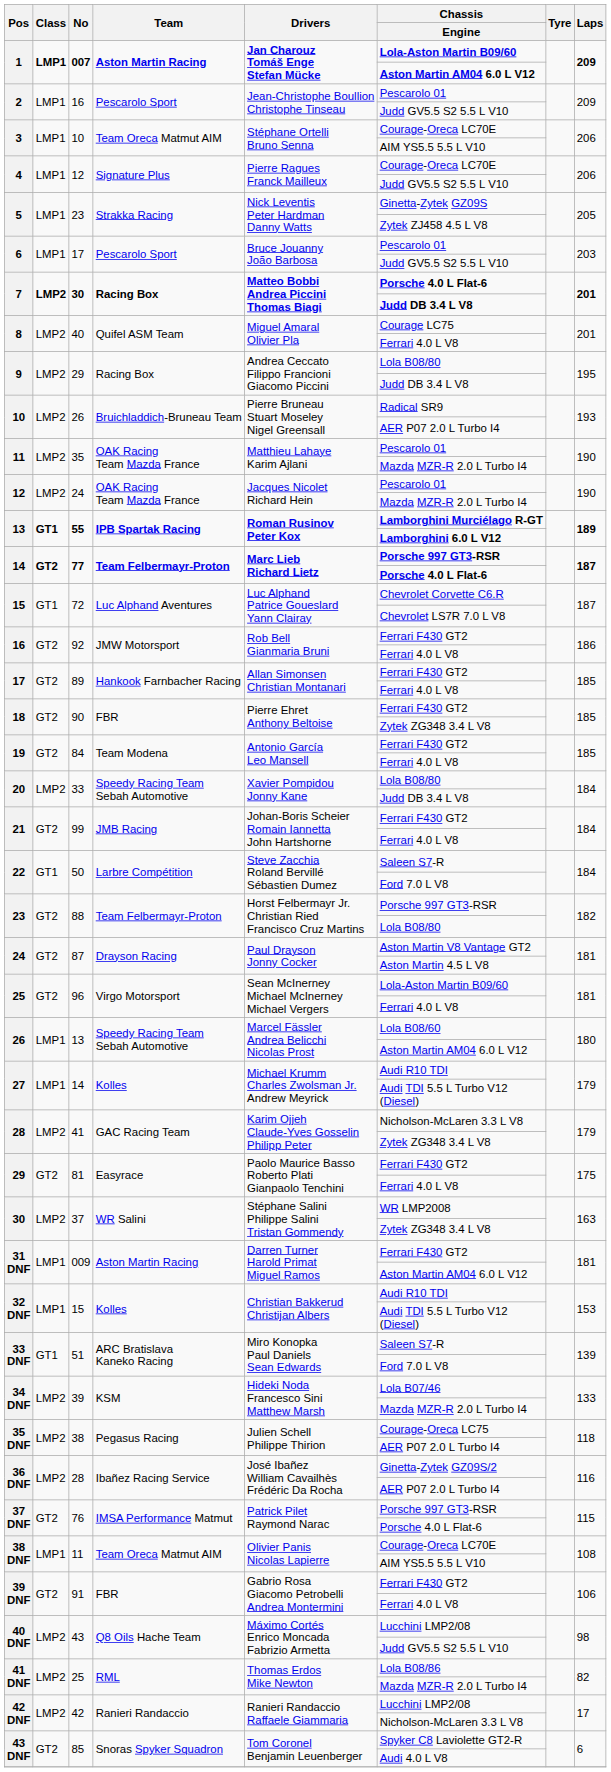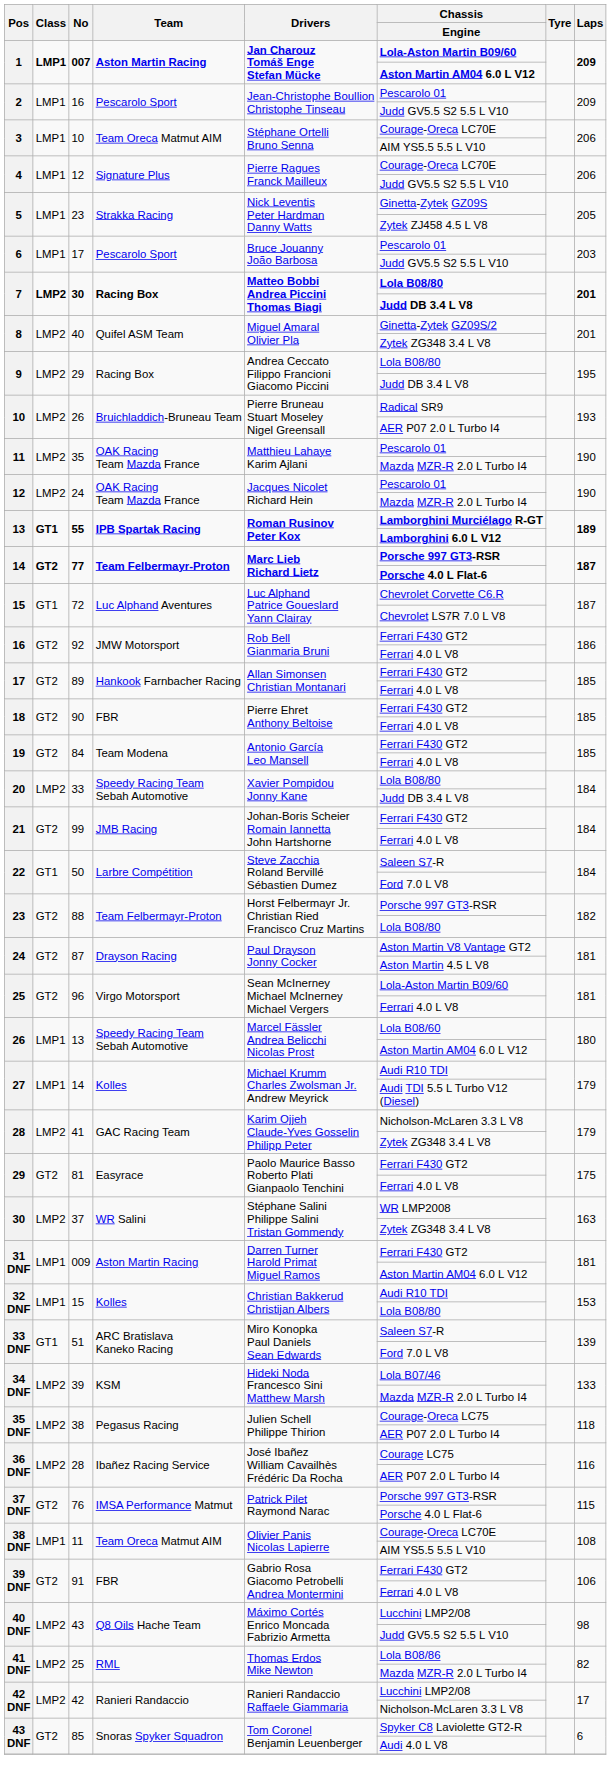 <table class="wikitable" style="font-size: 95%;">
 <tr>
 <th rowspan=2>Pos</th>
 <th rowspan=2>Class</th>
 <th rowspan=2>No</th>
 <th rowspan=2>Team</th>
 <th rowspan=2>Drivers</th>
 <th>Chassis</th>
 <th rowspan=2>Tyre</th>
 <th rowspan=2>Laps</th>
 </tr>
 <tr>
 <th>Engine</th>
 </tr>
 <tr style="font-weight:bold">
 <th rowspan=2>1</th>
 <td rowspan=2>LMP1</td>
 <td rowspan=2>007</td>
 <td rowspan=2> <a href='#'>Aston Martin Racing</a></td>
 <td rowspan=2> <a href='#'>Jan Charouz</a><br> <a href='#'>Tomáš Enge</a><br> <a href='#'>Stefan Mücke</a></td>
 <td><a href='#'>Lola-Aston Martin B09/60</a></td>
 <td rowspan=2></td>
 <td rowspan=2>209</td>
 </tr>
 <tr style="font-weight:bold">
 <td><a href='#'>Aston Martin AM04</a> 6.0 L V12</td>
 </tr>
 <tr>
 <th rowspan=2>2</th>
 <td rowspan=2>LMP1</td>
 <td rowspan=2>16</td>
 <td rowspan=2> <a href='#'>Pescarolo Sport</a></td>
 <td rowspan=2> <a href='#'>Jean-Christophe Boullion</a><br> <a href='#'>Christophe Tinseau</a></td>
 <td><a href='#'>Pescarolo 01</a></td>
 <td rowspan=2></td>
 <td rowspan=2>209</td>
 </tr>
 <tr>
 <td><a href='#'>Judd</a> GV5.5 S2 5.5 L V10</td>
 </tr>
 <tr>
 <th rowspan=2>3</th>
 <td rowspan=2>LMP1</td>
 <td rowspan=2>10</td>
 <td rowspan=2> <a href='#'>Team Oreca</a> Matmut AIM</td>
 <td rowspan=2> <a href='#'>Stéphane Ortelli</a><br> <a href='#'>Bruno Senna</a></td>
 <td><a href='#'>Courage</a>-<a href='#'>Oreca</a> LC70E</td>
 <td rowspan=2></td>
 <td rowspan=2>206</td>
 </tr>
 <tr>
 <td>AIM YS5.5 5.5 L V10</td>
 </tr>
 <tr>
 <th rowspan=2>4</th>
 <td rowspan=2>LMP1</td>
 <td rowspan=2>12</td>
 <td rowspan=2> <a href='#'>Signature Plus</a></td>
 <td rowspan=2> <a href='#'>Pierre Ragues</a><br> <a href='#'>Franck Mailleux</a></td>
 <td><a href='#'>Courage</a>-<a href='#'>Oreca</a> LC70E</td>
 <td rowspan=2></td>
 <td rowspan=2>206</td>
 </tr>
 <tr>
 <td><a href='#'>Judd</a> GV5.5 S2 5.5 L V10</td>
 </tr>
 <tr>
 <th rowspan=2>5</th>
 <td rowspan=2>LMP1</td>
 <td rowspan=2>23</td>
 <td rowspan=2> <a href='#'>Strakka Racing</a></td>
 <td rowspan=2> <a href='#'>Nick Leventis</a><br> <a href='#'>Peter Hardman</a><br> <a href='#'>Danny Watts</a></td>
 <td><a href='#'>Ginetta</a>-<a href='#'>Zytek</a> <a href='#'>GZ09S</a></td>
 <td rowspan=2></td>
 <td rowspan=2>205</td>
 </tr>
 <tr>
 <td><a href='#'>Zytek</a> ZJ458 4.5 L V8</td>
 </tr>
 <tr>
 <th rowspan=2>6</th>
 <td rowspan=2>LMP1</td>
 <td rowspan=2>17</td>
 <td rowspan=2> <a href='#'>Pescarolo Sport</a></td>
 <td rowspan=2> <a href='#'>Bruce Jouanny</a><br> <a href='#'>João Barbosa</a></td>
 <td><a href='#'>Pescarolo 01</a></td>
 <td rowspan=2></td>
 <td rowspan=2>203</td>
 </tr>
 <tr>
 <td><a href='#'>Judd</a> GV5.5 S2 5.5 L V10</td>
 </tr>
 <tr style="font-weight:bold">
 <th rowspan=2>7</th>
 <td rowspan=2>LMP2</td>
 <td rowspan=2>30</td>
 <td rowspan=2> Racing Box</td>
 <td rowspan=2> <a href='#'>Matteo Bobbi</a><br> <a href='#'>Andrea Piccini</a><br> <a href='#'>Thomas Biagi</a></td>
-<td><a href='#'>Porsche</a> 4.0 L Flat-6</td>
+<td><a href='#'>Lola B08/80</a></td>
 <td rowspan=2></td>
 <td rowspan=2>201</td>
 </tr>
 <tr style="font-weight:bold">
 <td><a href='#'>Judd</a> DB 3.4 L V8</td>
 </tr>
 <tr>
 <th rowspan=2>8</th>
 <td rowspan=2>LMP2</td>
 <td rowspan=2>40</td>
 <td rowspan=2> Quifel ASM Team</td>
 <td rowspan=2> <a href='#'>Miguel Amaral</a><br> <a href='#'>Olivier Pla</a></td>
-<td><a href='#'>Courage</a> LC75</td>
+<td><a href='#'>Ginetta</a>-<a href='#'>Zytek</a> <a href='#'>GZ09S/2</a></td>
 <td rowspan=2></td>
 <td rowspan=2>201</td>
 </tr>
 <tr>
-<td><a href='#'>Ferrari</a> 4.0 L V8</td>
+<td><a href='#'>Zytek</a> ZG348 3.4 L V8</td>
 </tr>
 <tr>
 <th rowspan=2>9</th>
 <td rowspan=2>LMP2</td>
 <td rowspan=2>29</td>
 <td rowspan=2> Racing Box</td>
 <td rowspan=2> Andrea Ceccato<br> Filippo Francioni<br> Giacomo Piccini</td>
 <td><a href='#'>Lola B08/80</a></td>
 <td rowspan=2></td>
 <td rowspan=2>195</td>
 </tr>
 <tr>
 <td><a href='#'>Judd</a> DB 3.4 L V8</td>
 </tr>
 <tr>
 <th rowspan=2>10</th>
 <td rowspan=2>LMP2</td>
 <td rowspan=2>26</td>
 <td rowspan=2> <a href='#'>Bruichladdich</a>-Bruneau Team</td>
 <td rowspan=2> Pierre Bruneau<br> Stuart Moseley<br> Nigel Greensall</td>
 <td><a href='#'>Radical</a> SR9</td>
 <td rowspan=2></td>
 <td rowspan=2>193</td>
 </tr>
 <tr>
 <td><a href='#'>AER</a> P07 2.0 L Turbo I4</td>
 </tr>
 <tr>
 <th rowspan=2>11</th>
 <td rowspan=2>LMP2</td>
 <td rowspan=2>35</td>
 <td rowspan=2> <a href='#'>OAK Racing</a><br> Team <a href='#'>Mazda</a> France</td>
 <td rowspan=2> <a href='#'>Matthieu Lahaye</a><br> Karim Ajlani</td>
 <td><a href='#'>Pescarolo 01</a></td>
 <td rowspan=2></td>
 <td rowspan=2>190</td>
 </tr>
 <tr>
 <td><a href='#'>Mazda</a> <a href='#'>MZR-R</a> 2.0 L Turbo I4</td>
 </tr>
 <tr>
 <th rowspan=2>12</th>
 <td rowspan=2>LMP2</td>
 <td rowspan=2>24</td>
 <td rowspan=2> <a href='#'>OAK Racing</a><br> Team <a href='#'>Mazda</a> France</td>
 <td rowspan=2> <a href='#'>Jacques Nicolet</a><br> Richard Hein</td>
 <td><a href='#'>Pescarolo 01</a></td>
 <td rowspan=2></td>
 <td rowspan=2>190</td>
 </tr>
 <tr>
 <td><a href='#'>Mazda</a> <a href='#'>MZR-R</a> 2.0 L Turbo I4</td>
 </tr>
 <tr style="font-weight:bold">
 <th rowspan=2>13</th>
 <td rowspan=2>GT1</td>
 <td rowspan=2>55</td>
 <td rowspan=2> <a href='#'>IPB Spartak Racing</a></td>
 <td rowspan=2> <a href='#'>Roman Rusinov</a><br> <a href='#'>Peter Kox</a></td>
 <td><a href='#'>Lamborghini Murciélago</a> R-GT</td>
 <td rowspan=2></td>
 <td rowspan=2>189</td>
 </tr>
 <tr style="font-weight:bold">
 <td><a href='#'>Lamborghini</a> 6.0 L V12</td>
 </tr>
 <tr style="font-weight:bold">
 <th rowspan=2>14</th>
 <td rowspan=2>GT2</td>
 <td rowspan=2>77</td>
 <td rowspan=2> <a href='#'>Team Felbermayr-Proton</a></td>
 <td rowspan=2> <a href='#'>Marc Lieb</a><br> <a href='#'>Richard Lietz</a></td>
 <td><a href='#'>Porsche 997 GT3</a>-RSR</td>
 <td rowspan=2></td>
 <td rowspan=2>187</td>
 </tr>
 <tr style="font-weight:bold">
 <td><a href='#'>Porsche</a> 4.0 L Flat-6</td>
 </tr>
 <tr>
 <th rowspan=2>15</th>
 <td rowspan=2>GT1</td>
 <td rowspan=2>72</td>
 <td rowspan=2> <a href='#'>Luc Alphand</a> Aventures</td>
 <td rowspan=2> <a href='#'>Luc Alphand</a><br> <a href='#'>Patrice Goueslard</a><br> <a href='#'>Yann Clairay</a></td>
 <td><a href='#'>Chevrolet Corvette C6.R</a></td>
 <td rowspan=2></td>
 <td rowspan=2>187</td>
 </tr>
 <tr>
 <td><a href='#'>Chevrolet</a> LS7R 7.0 L V8</td>
 </tr>
 <tr>
 <th rowspan=2>16</th>
 <td rowspan=2>GT2</td>
 <td rowspan=2>92</td>
 <td rowspan=2> JMW Motorsport</td>
 <td rowspan=2> <a href='#'>Rob Bell</a><br> <a href='#'>Gianmaria Bruni</a></td>
 <td><a href='#'>Ferrari F430</a> GT2</td>
 <td rowspan=2></td>
 <td rowspan=2>186</td>
 </tr>
 <tr>
 <td><a href='#'>Ferrari</a> 4.0 L V8</td>
 </tr>
 <tr>
 <th rowspan=2>17</th>
 <td rowspan=2>GT2</td>
 <td rowspan=2>89</td>
 <td rowspan=2> <a href='#'>Hankook</a> Farnbacher Racing</td>
 <td rowspan=2> <a href='#'>Allan Simonsen</a><br> <a href='#'>Christian Montanari</a></td>
 <td><a href='#'>Ferrari F430</a> GT2</td>
 <td rowspan=2></td>
 <td rowspan=2>185</td>
 </tr>
 <tr>
 <td><a href='#'>Ferrari</a> 4.0 L V8</td>
 </tr>
 <tr>
 <th rowspan=2>18</th>
 <td rowspan=2>GT2</td>
 <td rowspan=2>90</td>
 <td rowspan=2> FBR</td>
 <td rowspan=2> Pierre Ehret<br> <a href='#'>Anthony Beltoise</a></td>
 <td><a href='#'>Ferrari F430</a> GT2</td>
 <td rowspan=2></td>
 <td rowspan=2>185</td>
 </tr>
 <tr>
-<td><a href='#'>Zytek</a> ZG348 3.4 L V8</td>
+<td><a href='#'>Ferrari</a> 4.0 L V8</td>
 </tr>
 <tr>
 <th rowspan=2>19</th>
 <td rowspan=2>GT2</td>
 <td rowspan=2>84</td>
 <td rowspan=2> Team Modena</td>
 <td rowspan=2> <a href='#'>Antonio García</a><br> <a href='#'>Leo Mansell</a></td>
 <td><a href='#'>Ferrari F430</a> GT2</td>
 <td rowspan=2></td>
 <td rowspan=2>185</td>
 </tr>
 <tr>
 <td><a href='#'>Ferrari</a> 4.0 L V8</td>
 </tr>
 <tr>
 <th rowspan=2>20</th>
 <td rowspan=2>LMP2</td>
 <td rowspan=2>33</td>
 <td rowspan=2> <a href='#'>Speedy Racing Team</a><br> Sebah Automotive</td>
 <td rowspan=2> <a href='#'>Xavier Pompidou</a><br> <a href='#'>Jonny Kane</a></td>
 <td><a href='#'>Lola B08/80</a></td>
 <td rowspan=2></td>
 <td rowspan=2>184</td>
 </tr>
 <tr>
 <td><a href='#'>Judd</a> DB 3.4 L V8</td>
 </tr>
 <tr>
 <th rowspan=2>21</th>
 <td rowspan=2>GT2</td>
 <td rowspan=2>99</td>
 <td rowspan=2> <a href='#'>JMB Racing</a></td>
 <td rowspan=2> Johan-Boris Scheier<br> <a href='#'>Romain Iannetta</a><br> John Hartshorne</td>
 <td><a href='#'>Ferrari F430</a> GT2</td>
 <td rowspan=2></td>
 <td rowspan=2>184</td>
 </tr>
 <tr>
 <td><a href='#'>Ferrari</a> 4.0 L V8</td>
 </tr>
 <tr>
 <th rowspan=2>22</th>
 <td rowspan=2>GT1</td>
 <td rowspan=2>50</td>
 <td rowspan=2> <a href='#'>Larbre Compétition</a></td>
 <td rowspan=2> <a href='#'>Steve Zacchia</a><br> Roland Bervillé<br> Sébastien Dumez</td>
 <td><a href='#'>Saleen S7</a>-R</td>
 <td rowspan=2></td>
 <td rowspan=2>184</td>
 </tr>
 <tr>
 <td><a href='#'>Ford</a> 7.0 L V8</td>
 </tr>
 <tr>
 <th rowspan=2>23</th>
 <td rowspan=2>GT2</td>
 <td rowspan=2>88</td>
 <td rowspan=2> <a href='#'>Team Felbermayr-Proton</a></td>
 <td rowspan=2> Horst Felbermayr Jr.<br> Christian Ried<br> Francisco Cruz Martins</td>
 <td><a href='#'>Porsche 997 GT3</a>-RSR</td>
 <td rowspan=2></td>
 <td rowspan=2>182</td>
 </tr>
 <tr>
 <td><a href='#'>Lola B08/80</a></td>
 </tr>
 <tr>
 <th rowspan=2>24</th>
 <td rowspan=2>GT2</td>
 <td rowspan=2>87</td>
 <td rowspan=2> <a href='#'>Drayson Racing</a></td>
 <td rowspan=2> <a href='#'>Paul Drayson</a><br> <a href='#'>Jonny Cocker</a></td>
 <td><a href='#'>Aston Martin V8 Vantage</a> GT2</td>
 <td rowspan=2></td>
 <td rowspan=2>181</td>
 </tr>
 <tr>
 <td><a href='#'>Aston Martin</a> 4.5 L V8</td>
 </tr>
 <tr>
 <th rowspan=2>25</th>
 <td rowspan=2>GT2</td>
 <td rowspan=2>96</td>
 <td rowspan=2> Virgo Motorsport</td>
 <td rowspan=2> Sean McInerney<br> Michael McInerney<br> Michael Vergers</td>
 <td><a href='#'>Lola-Aston Martin B09/60</a></td>
 <td rowspan=2></td>
 <td rowspan=2>181</td>
 </tr>
 <tr>
 <td><a href='#'>Ferrari</a> 4.0 L V8</td>
 </tr>
 <tr>
 <th rowspan=2>26</th>
 <td rowspan=2>LMP1</td>
 <td rowspan=2>13</td>
 <td rowspan=2> <a href='#'>Speedy Racing Team</a><br> Sebah Automotive</td>
 <td rowspan=2> <a href='#'>Marcel Fässler</a><br> <a href='#'>Andrea Belicchi</a><br> <a href='#'>Nicolas Prost</a></td>
 <td><a href='#'>Lola B08/60</a></td>
 <td rowspan=2></td>
 <td rowspan=2>180</td>
 </tr>
 <tr>
 <td><a href='#'>Aston Martin AM04</a> 6.0 L V12</td>
 </tr>
 <tr>
 <th rowspan=2>27</th>
 <td rowspan=2>LMP1</td>
 <td rowspan=2>14</td>
 <td rowspan=2> <a href='#'>Kolles</a></td>
 <td rowspan=2> <a href='#'>Michael Krumm</a><br> <a href='#'>Charles Zwolsman Jr.</a><br> Andrew Meyrick</td>
 <td><a href='#'>Audi R10 TDI</a></td>
 <td rowspan=2></td>
 <td rowspan=2>179</td>
 </tr>
 <tr>
 <td><a href='#'>Audi</a> <a href='#'>TDI</a> 5.5 L Turbo V12<br>(<a href='#'>Diesel</a>)</td>
 </tr>
 <tr>
 <th rowspan=2>28</th>
 <td rowspan=2>LMP2</td>
 <td rowspan=2>41</td>
 <td rowspan=2> GAC Racing Team</td>
 <td rowspan=2> <a href='#'>Karim Ojjeh</a><br> <a href='#'>Claude-Yves Gosselin</a><br> <a href='#'>Philipp Peter</a></td>
 <td>Nicholson-McLaren 3.3 L V8</td>
 <td rowspan=2></td>
 <td rowspan=2>179</td>
 </tr>
 <tr>
 <td><a href='#'>Zytek</a> ZG348 3.4 L V8</td>
 </tr>
 <tr>
 <th rowspan=2>29</th>
 <td rowspan=2>GT2</td>
 <td rowspan=2>81</td>
 <td rowspan=2> Easyrace</td>
 <td rowspan=2> Paolo Maurice Basso<br> Roberto Plati<br> Gianpaolo Tenchini</td>
 <td><a href='#'>Ferrari F430</a> GT2</td>
 <td rowspan=2></td>
 <td rowspan=2>175</td>
 </tr>
 <tr>
 <td><a href='#'>Ferrari</a> 4.0 L V8</td>
 </tr>
 <tr>
 <th rowspan=2>30</th>
 <td rowspan=2>LMP2</td>
 <td rowspan=2>37</td>
 <td rowspan=2> <a href='#'>WR</a> Salini</td>
 <td rowspan=2> Stéphane Salini<br> Philippe Salini<br> <a href='#'>Tristan Gommendy</a></td>
 <td><a href='#'>WR</a> LMP2008</td>
 <td rowspan=2></td>
 <td rowspan=2>163</td>
 </tr>
 <tr>
 <td><a href='#'>Zytek</a> ZG348 3.4 L V8</td>
 </tr>
 <tr>
 <th rowspan=2>31<br>DNF</th>
 <td rowspan=2>LMP1</td>
 <td rowspan=2>009</td>
 <td rowspan=2> <a href='#'>Aston Martin Racing</a></td>
 <td rowspan=2> <a href='#'>Darren Turner</a><br> <a href='#'>Harold Primat</a><br> <a href='#'>Miguel Ramos</a></td>
 <td><a href='#'>Ferrari F430</a> GT2</td>
 <td rowspan=2></td>
 <td rowspan=2>181</td>
 </tr>
 <tr>
 <td><a href='#'>Aston Martin AM04</a> 6.0 L V12</td>
 </tr>
 <tr>
 <th rowspan=2>32<br>DNF</th>
 <td rowspan=2>LMP1</td>
 <td rowspan=2>15</td>
 <td rowspan=2> <a href='#'>Kolles</a></td>
 <td rowspan=2> <a href='#'>Christian Bakkerud</a><br> <a href='#'>Christijan Albers</a></td>
 <td><a href='#'>Audi R10 TDI</a></td>
 <td rowspan=2></td>
 <td rowspan=2>153</td>
 </tr>
 <tr>
-<td><a href='#'>Audi</a> <a href='#'>TDI</a> 5.5 L Turbo V12<br>(<a href='#'>Diesel</a>)</td>
+<td><a href='#'>Lola B08/80</a></td>
 </tr>
 <tr>
 <th rowspan=2>33<br>DNF</th>
 <td rowspan=2>GT1</td>
 <td rowspan=2>51</td>
 <td rowspan=2> ARC Bratislava<br> Kaneko Racing</td>
 <td rowspan=2> Miro Konopka<br> Paul Daniels<br> <a href='#'>Sean Edwards</a></td>
 <td><a href='#'>Saleen S7</a>-R</td>
 <td rowspan=2></td>
 <td rowspan=2>139</td>
 </tr>
 <tr>
 <td><a href='#'>Ford</a> 7.0 L V8</td>
 </tr>
 <tr>
 <th rowspan=2>34<br>DNF</th>
 <td rowspan=2>LMP2</td>
 <td rowspan=2>39</td>
 <td rowspan=2> KSM</td>
 <td rowspan=2> <a href='#'>Hideki Noda</a><br> Francesco Sini<br> <a href='#'>Matthew Marsh</a></td>
 <td><a href='#'>Lola B07/46</a></td>
 <td rowspan=2></td>
 <td rowspan=2>133</td>
 </tr>
 <tr>
 <td><a href='#'>Mazda</a> <a href='#'>MZR-R</a> 2.0 L Turbo I4</td>
 </tr>
 <tr>
 <th rowspan=2>35<br>DNF</th>
 <td rowspan=2>LMP2</td>
 <td rowspan=2>38</td>
 <td rowspan=2> Pegasus Racing</td>
 <td rowspan=2> Julien Schell<br> Philippe Thirion</td>
 <td><a href='#'>Courage</a>-<a href='#'>Oreca</a> LC75</td>
 <td rowspan=2></td>
 <td rowspan=2>118</td>
 </tr>
 <tr>
 <td><a href='#'>AER</a> P07 2.0 L Turbo I4</td>
 </tr>
 <tr>
 <th rowspan=2>36<br>DNF</th>
 <td rowspan=2>LMP2</td>
 <td rowspan=2>28</td>
 <td rowspan=2> Ibañez Racing Service</td>
 <td rowspan=2> José Ibañez<br> William Cavailhès<br> Frédéric Da Rocha</td>
-<td><a href='#'>Ginetta</a>-<a href='#'>Zytek</a> <a href='#'>GZ09S/2</a></td>
+<td><a href='#'>Courage</a> LC75</td>
 <td rowspan=2></td>
 <td rowspan=2>116</td>
 </tr>
 <tr>
 <td><a href='#'>AER</a> P07 2.0 L Turbo I4</td>
 </tr>
 <tr>
 <th rowspan=2>37<br>DNF</th>
 <td rowspan=2>GT2</td>
 <td rowspan=2>76</td>
 <td rowspan=2> <a href='#'>IMSA Performance</a> Matmut</td>
 <td rowspan=2> <a href='#'>Patrick Pilet</a><br> Raymond Narac</td>
 <td><a href='#'>Porsche 997 GT3</a>-RSR</td>
 <td rowspan=2></td>
 <td rowspan=2>115</td>
 </tr>
 <tr>
 <td><a href='#'>Porsche</a> 4.0 L Flat-6</td>
 </tr>
 <tr>
 <th rowspan=2>38<br>DNF</th>
 <td rowspan=2>LMP1</td>
 <td rowspan=2>11</td>
 <td rowspan=2> <a href='#'>Team Oreca</a> Matmut AIM</td>
 <td rowspan=2> <a href='#'>Olivier Panis</a><br> <a href='#'>Nicolas Lapierre</a></td>
 <td><a href='#'>Courage</a>-<a href='#'>Oreca</a> LC70E</td>
 <td rowspan=2></td>
 <td rowspan=2>108</td>
 </tr>
 <tr>
 <td>AIM YS5.5 5.5 L V10</td>
 </tr>
 <tr>
 <th rowspan=2>39<br>DNF</th>
 <td rowspan=2>GT2</td>
 <td rowspan=2>91</td>
 <td rowspan=2> FBR</td>
 <td rowspan=2> Gabrio Rosa<br> Giacomo Petrobelli<br> <a href='#'>Andrea Montermini</a></td>
 <td><a href='#'>Ferrari F430</a> GT2</td>
 <td rowspan=2></td>
 <td rowspan=2>106</td>
 </tr>
 <tr>
 <td><a href='#'>Ferrari</a> 4.0 L V8</td>
 </tr>
 <tr>
 <th rowspan=2>40<br>DNF</th>
 <td rowspan=2>LMP2</td>
 <td rowspan=2>43</td>
 <td rowspan=2> <a href='#'>Q8 Oils</a> Hache Team</td>
 <td rowspan=2> <a href='#'>Máximo Cortés</a><br> Enrico Moncada<br> Fabrizio Armetta</td>
 <td><a href='#'>Lucchini</a> LMP2/08</td>
 <td rowspan=2></td>
 <td rowspan=2>98</td>
 </tr>
 <tr>
 <td><a href='#'>Judd</a> GV5.5 S2 5.5 L V10</td>
 </tr>
 <tr>
 <th rowspan=2>41<br>DNF</th>
 <td rowspan=2>LMP2</td>
 <td rowspan=2>25</td>
 <td rowspan=2> <a href='#'>RML</a></td>
 <td rowspan=2> <a href='#'>Thomas Erdos</a><br> <a href='#'>Mike Newton</a></td>
 <td><a href='#'>Lola B08/86</a></td>
 <td rowspan=2></td>
 <td rowspan=2>82</td>
 </tr>
 <tr>
 <td><a href='#'>Mazda</a> <a href='#'>MZR-R</a> 2.0 L Turbo I4</td>
 </tr>
 <tr>
 <th rowspan=2>42<br>DNF</th>
 <td rowspan=2>LMP2</td>
 <td rowspan=2>42</td>
 <td rowspan=2> Ranieri Randaccio</td>
 <td rowspan=2> Ranieri Randaccio<br> <a href='#'>Raffaele Giammaria</a></td>
 <td><a href='#'>Lucchini</a> LMP2/08</td>
 <td rowspan=2></td>
 <td rowspan=2>17</td>
 </tr>
 <tr>
 <td>Nicholson-McLaren 3.3 L V8</td>
 </tr>
 <tr>
 <th rowspan=2>43<br>DNF</th>
 <td rowspan=2>GT2</td>
 <td rowspan=2>85</td>
 <td rowspan=2> Snoras <a href='#'>Spyker Squadron</a></td>
 <td rowspan=2> <a href='#'>Tom Coronel</a><br> Benjamin Leuenberger</td>
 <td><a href='#'>Spyker C8</a> Laviolette GT2-R</td>
 <td rowspan=2></td>
 <td rowspan=2>6</td>
 </tr>
 <tr>
 <td><a href='#'>Audi</a> 4.0 L V8</td>
 </tr>
 <tr>
 </tr>
 </table>
